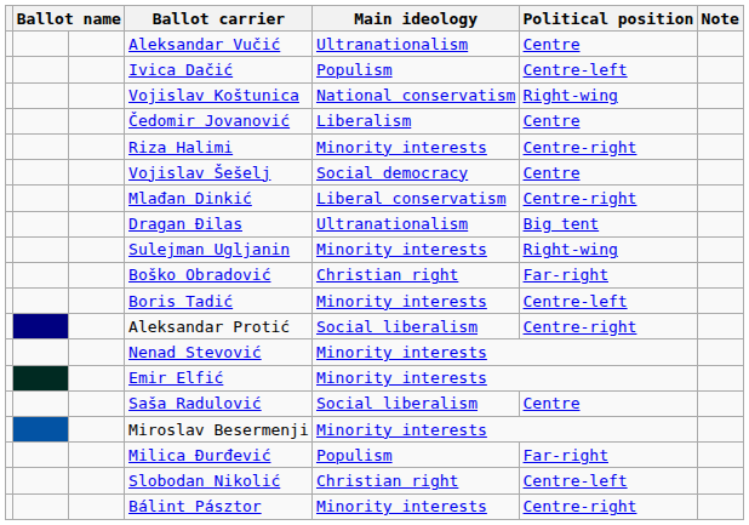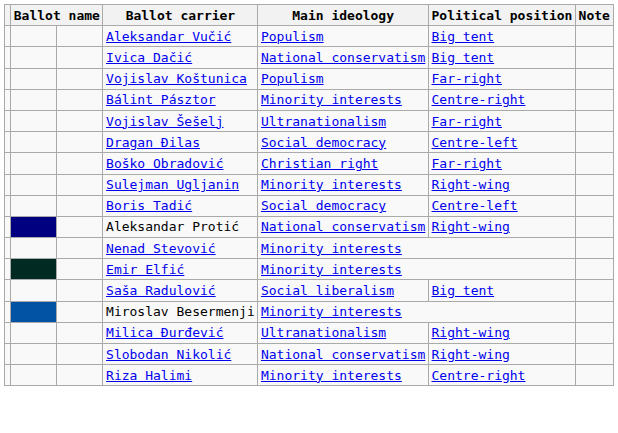 <table class="wikitable">
 <tr>
 <th></th>
 <th colspan="2">Ballot name</th>
 <th>Ballot carrier</th>
 <th>Main ideology</th>
 <th>Political position</th>
 <th>Note </th>
 </tr>
 <tr>
 <td></td>
 <td style="background:"></td>
 <td></td>
 <td><a href='#'>Aleksandar Vučić</a></td>
-<td><a href='#'>Ultranationalism</a></td>
-<td><a href='#'>Centre</a></td>
+<td><a href='#'>Populism</a></td>
+<td><a href='#'>Big tent</a></td>
 <td></td>
 </tr>
 <tr>
 <td></td>
 <td style="background:"></td>
 <td></td>
 <td><a href='#'>Ivica Dačić</a></td>
-<td><a href='#'>Populism</a></td>
-<td><a href='#'>Centre-left</a></td>
+<td><a href='#'>National conservatism</a></td>
+<td><a href='#'>Big tent</a></td>
 <td></td>
 </tr>
 <tr>
 <td></td>
 <td style="background:"></td>
 <td></td>
 <td><a href='#'>Vojislav Koštunica</a></td>
-<td><a href='#'>National conservatism</a></td>
-<td><a href='#'>Right-wing</a></td>
+<td><a href='#'>Populism</a></td>
+<td><a href='#'>Far-right</a></td>
 <td></td>
 </tr>
 <tr>
 <td></td>
 <td style="background:"></td>
 <td></td>
-<td><a href='#'>Čedomir Jovanović</a></td>
-<td><a href='#'>Liberalism</a></td>
-<td><a href='#'>Centre</a></td>
-<td></td>
-</tr>
-<tr>
-<td></td>
-<td style="background:"></td>
-<td></td>
-<td><a href='#'>Riza Halimi</a></td>
+<td><a href='#'>Bálint Pásztor</a></td>
 <td><a href='#'>Minority interests</a></td>
 <td><a href='#'>Centre-right</a></td>
 <td></td>
 </tr>
 <tr>
 <td></td>
 <td style="background:"></td>
 <td></td>
 <td><a href='#'>Vojislav Šešelj</a></td>
-<td><a href='#'>Social democracy</a></td>
-<td><a href='#'>Centre</a></td>
-<td></td>
-</tr>
-<tr>
-<td></td>
-<td style="background:"></td>
-<td></td>
-<td><a href='#'>Mlađan Dinkić</a></td>
-<td><a href='#'>Liberal conservatism</a></td>
-<td><a href='#'>Centre-right</a></td>
+<td><a href='#'>Ultranationalism</a></td>
+<td><a href='#'>Far-right</a></td>
 <td></td>
 </tr>
 <tr>
 <td></td>
 <td style="background:"></td>
 <td></td>
 <td><a href='#'>Dragan Đilas</a></td>
-<td><a href='#'>Ultranationalism</a></td>
-<td><a href='#'>Big tent</a></td>
+<td><a href='#'>Social democracy</a></td>
+<td><a href='#'>Centre-left</a></td>
+<td></td>
+</tr>
+<tr>
+<td></td>
+<td style="background:"></td>
+<td></td>
+<td><a href='#'>Boško Obradović</a></td>
+<td><a href='#'>Christian right</a></td>
+<td><a href='#'>Far-right</a></td>
 <td></td>
 </tr>
 <tr>
 <td></td>
 <td style="background:"></td>
 <td></td>
 <td><a href='#'>Sulejman Ugljanin</a></td>
 <td><a href='#'>Minority interests</a></td>
 <td><a href='#'>Right-wing</a></td>
 <td></td>
 </tr>
 <tr>
 <td></td>
 <td style="background:"></td>
 <td></td>
-<td><a href='#'>Boško Obradović</a></td>
-<td><a href='#'>Christian right</a></td>
-<td><a href='#'>Far-right</a></td>
-<td></td>
-</tr>
-<tr>
-<td></td>
-<td style="background:"></td>
-<td></td>
 <td><a href='#'>Boris Tadić</a></td>
-<td><a href='#'>Minority interests</a></td>
+<td><a href='#'>Social democracy</a></td>
 <td><a href='#'>Centre-left</a></td>
 <td></td>
 </tr>
 <tr>
 <td></td>
 <td style="background:#000080"></td>
 <td></td>
 <td>Aleksandar Protić</td>
-<td><a href='#'>Social liberalism</a></td>
-<td><a href='#'>Centre-right</a></td>
+<td><a href='#'>National conservatism</a></td>
+<td><a href='#'>Right-wing</a></td>
 <td></td>
 </tr>
 <tr>
 <td></td>
 <td style="background:"></td>
 <td></td>
 <td><a href='#'>Nenad Stevović</a></td>
 <td colspan="2"><a href='#'>Minority interests</a></td>
 <td></td>
 </tr>
 <tr>
 <td></td>
 <td style="background:#002A22"></td>
 <td></td>
 <td><a href='#'>Emir Elfić</a></td>
 <td colspan="2"><a href='#'>Minority interests</a></td>
 <td></td>
 </tr>
 <tr>
 <td></td>
 <td style="background:"></td>
 <td></td>
 <td><a href='#'>Saša Radulović</a></td>
 <td><a href='#'>Social liberalism</a></td>
-<td><a href='#'>Centre</a></td>
+<td><a href='#'>Big tent</a></td>
 <td></td>
 </tr>
 <tr>
 <td></td>
 <td style="background:#0353A4"></td>
 <td></td>
 <td>Miroslav Besermenji</td>
 <td colspan="2"><a href='#'>Minority interests</a></td>
 <td></td>
 </tr>
 <tr>
 <td></td>
 <td style="background:"></td>
 <td></td>
 <td><a href='#'>Milica Đurđević</a></td>
-<td><a href='#'>Populism</a></td>
-<td><a href='#'>Far-right</a></td>
+<td><a href='#'>Ultranationalism</a></td>
+<td><a href='#'>Right-wing</a></td>
 <td></td>
 </tr>
 <tr>
 <td></td>
 <td style="background:"></td>
 <td></td>
 <td><a href='#'>Slobodan Nikolić</a></td>
-<td><a href='#'>Christian right</a></td>
-<td><a href='#'>Centre-left</a></td>
+<td><a href='#'>National conservatism</a></td>
+<td><a href='#'>Right-wing</a></td>
 <td></td>
 </tr>
 <tr>
 <td></td>
 <td style="background:"></td>
 <td></td>
-<td><a href='#'>Bálint Pásztor</a></td>
+<td><a href='#'>Riza Halimi</a></td>
 <td><a href='#'>Minority interests</a></td>
 <td><a href='#'>Centre-right</a></td>
 <td></td>
 </tr>
 </table>
